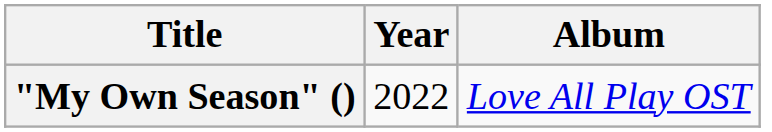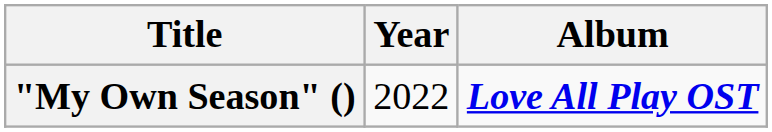 <table class="wikitable plainrowheaders" style="text-align:center">
 <tr>
 <th scope="col">Title</th>
 <th scope="col">Year</th>
 <th scope="col">Album</th>
 </tr>
 <tr>
 <th scope="row">"My Own Season" ()</th>
 <td>2022</td>
-<td><em><a href='#'>Love All Play OST</a></em></td>
+<td><strong><em><a href='#'>Love All Play OST</a></em></strong></td>
 </tr>
 </table>
